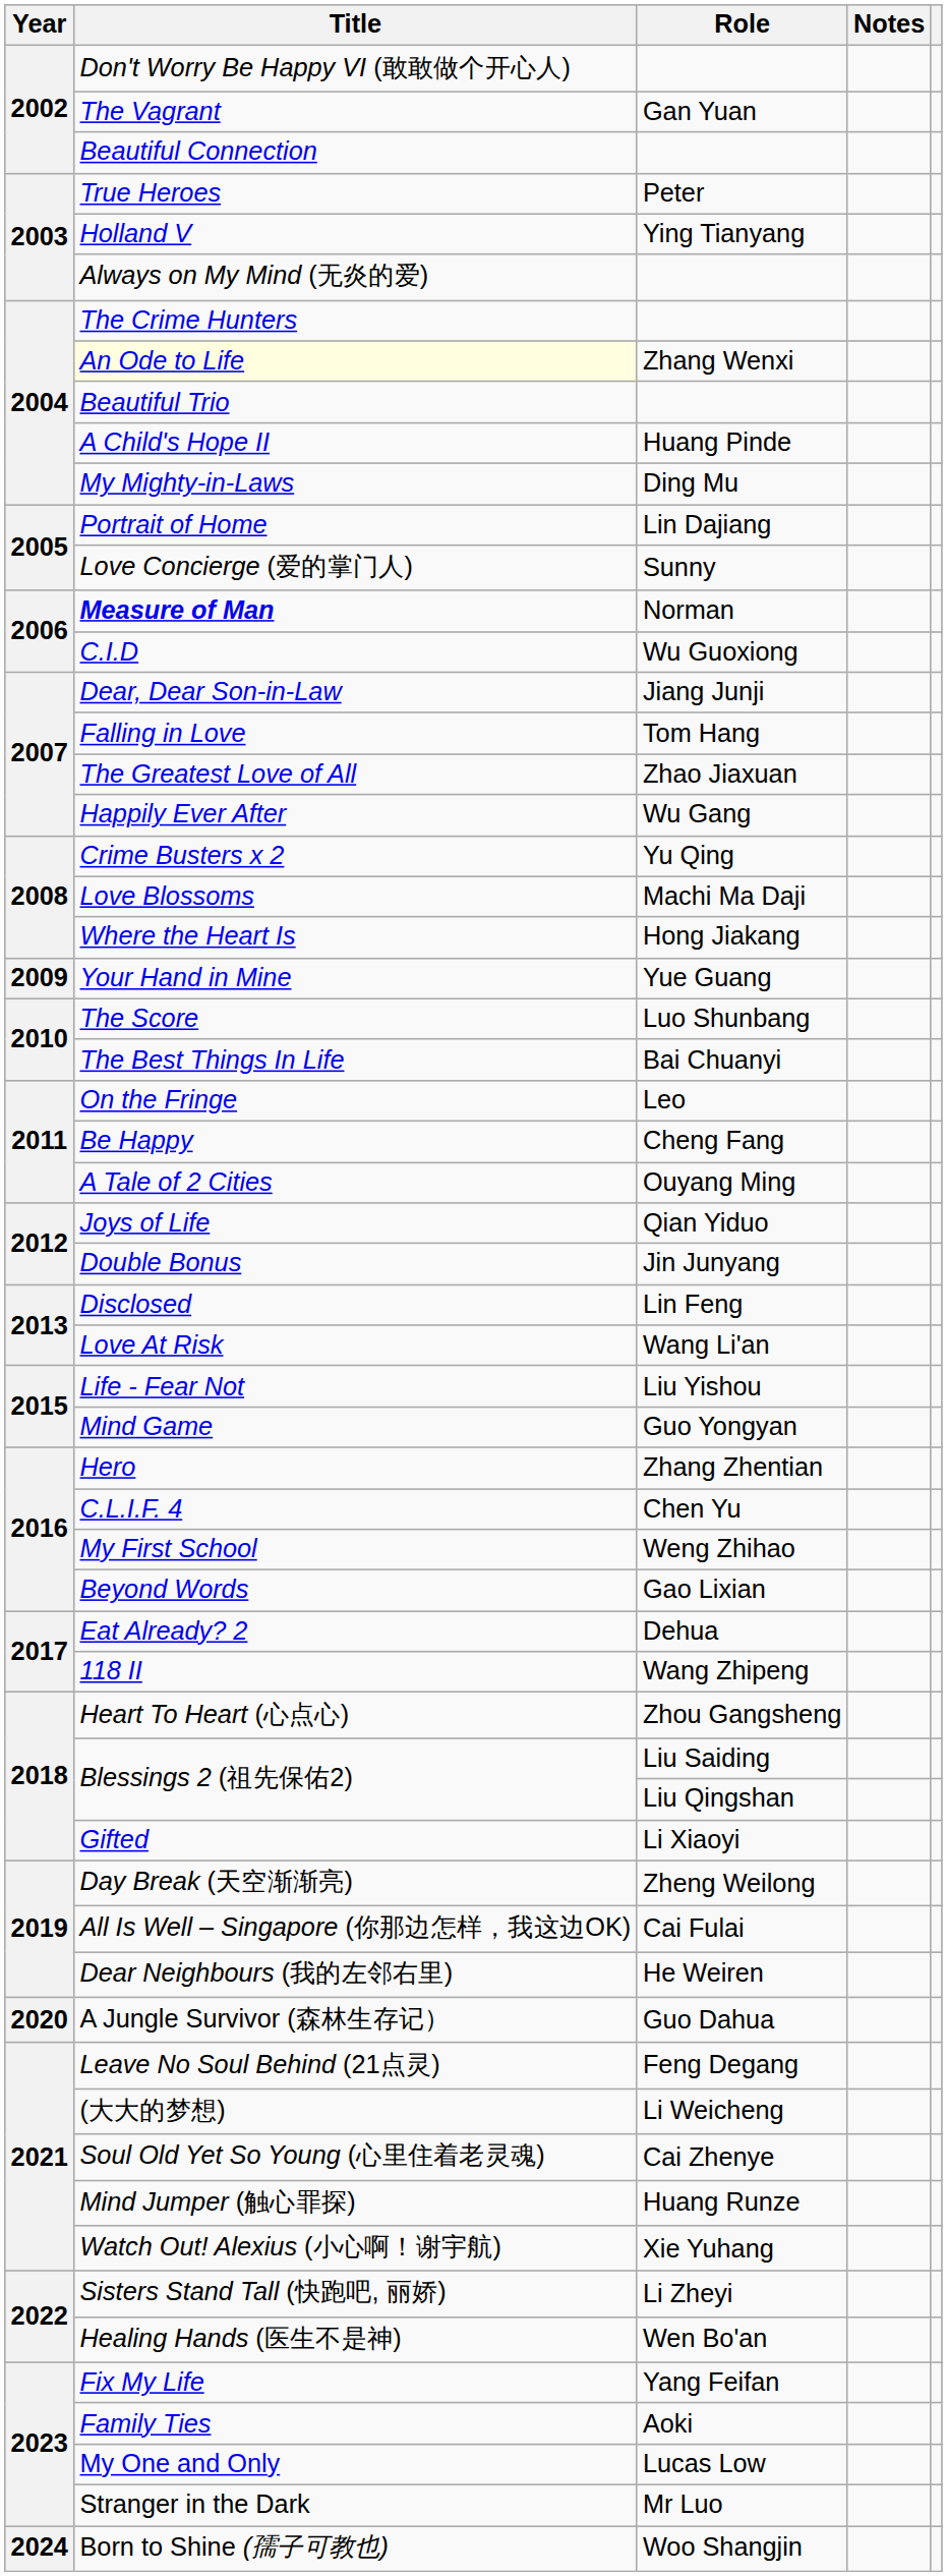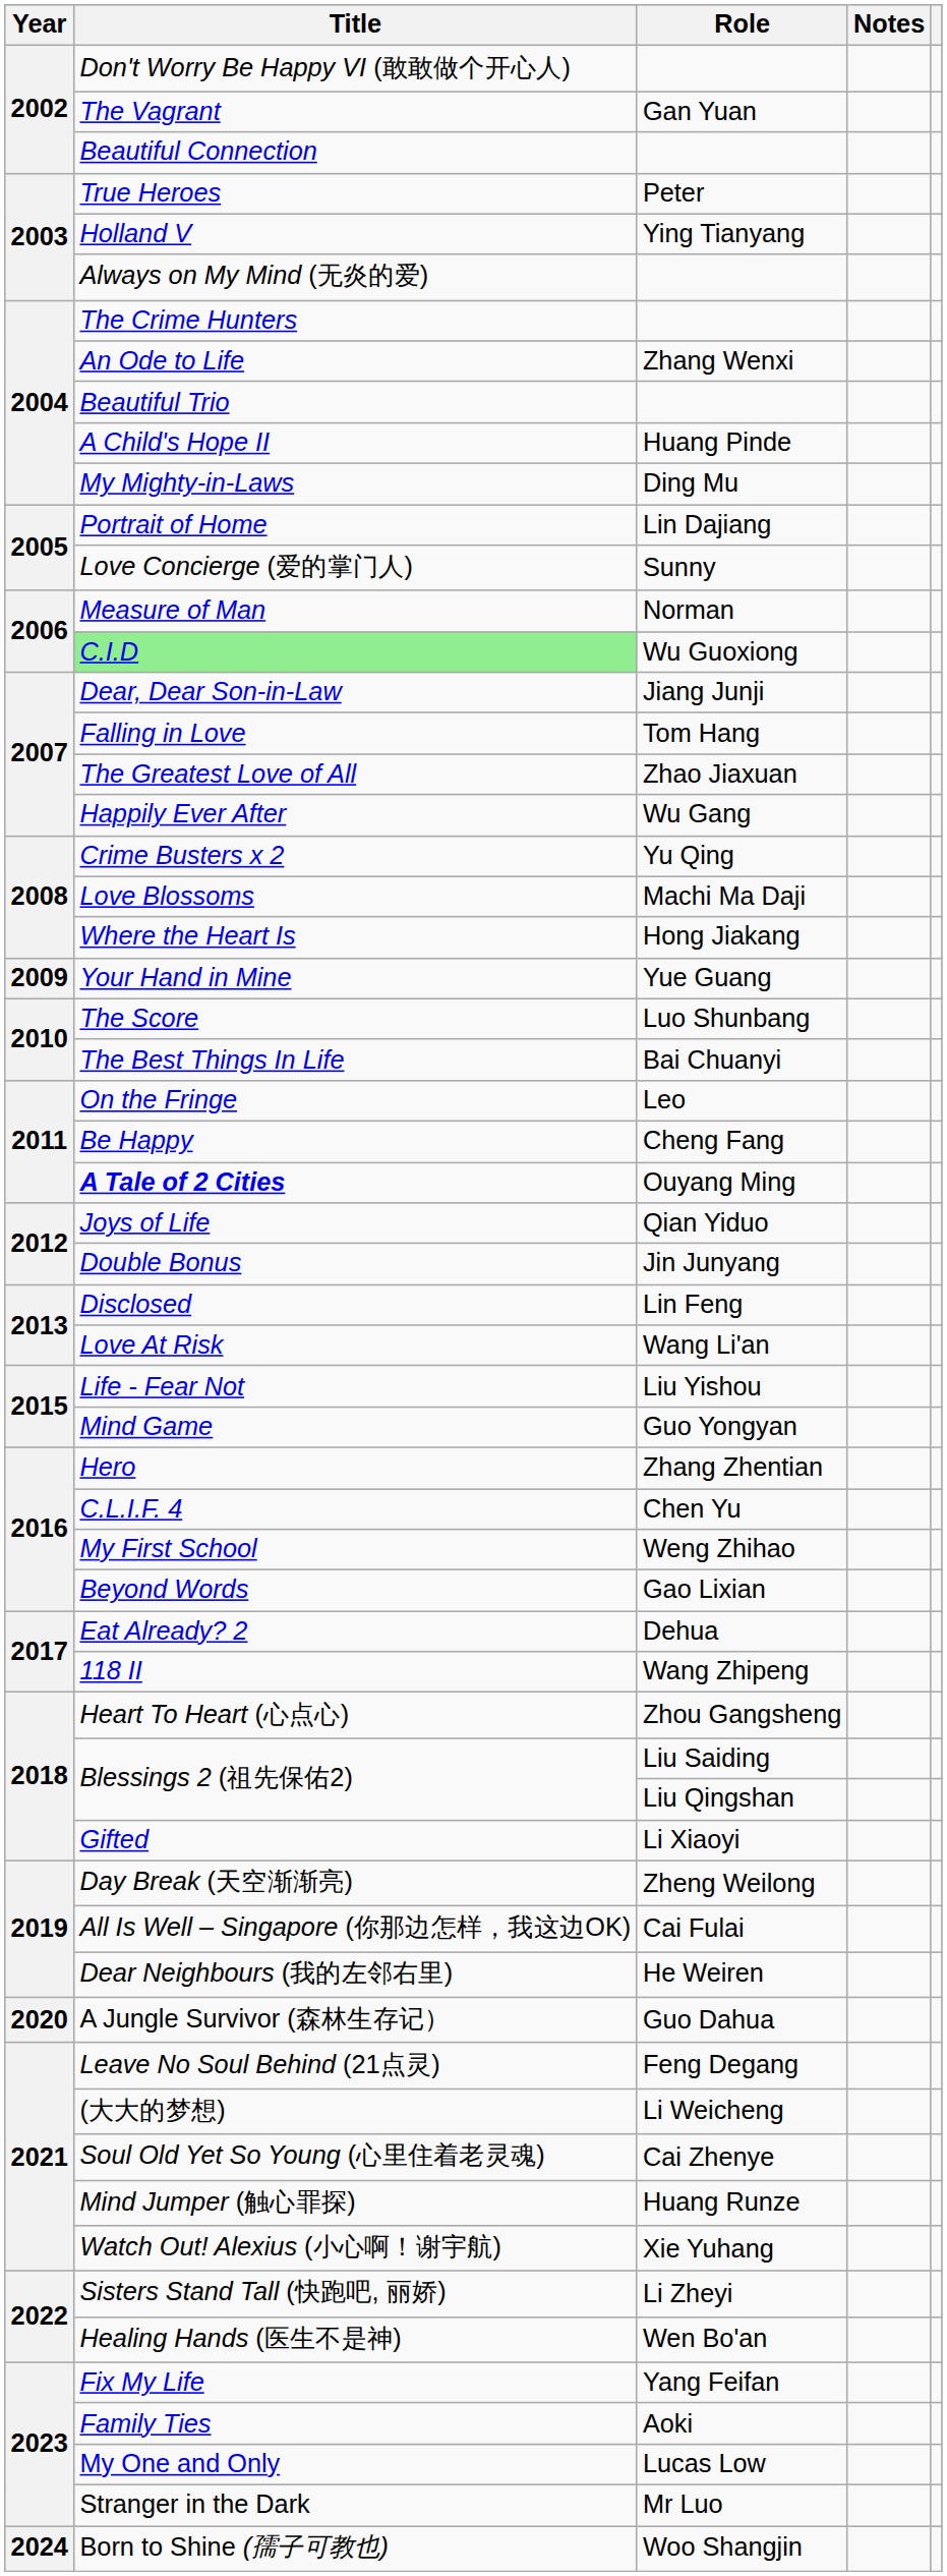 <table class="wikitable sortable plainrowheaders">
 <tr>
 <th scope="col">Year</th>
 <th scope="col">Title</th>
 <th scope="col">Role</th>
 <th scope="col" class="unsortable">Notes</th>
 <th scope="col" class="unsortable"></th>
 </tr>
 <tr>
 <th scope="row" rowspan="3">2002</th>
 <td><em>Don't Worry Be Happy VI</em> (敢敢做个开心人)</td>
 <td></td>
 <td></td>
 <td></td>
 </tr>
 <tr>
 <td><em><a href='#'>The Vagrant</a></em></td>
 <td>Gan Yuan</td>
 <td></td>
 <td></td>
 </tr>
 <tr>
 <td><em><a href='#'>Beautiful Connection</a></em></td>
 <td></td>
 <td></td>
 <td></td>
 </tr>
 <tr>
 <th scope="row" rowspan="3">2003</th>
 <td><em><a href='#'>True Heroes</a></em></td>
 <td>Peter</td>
 <td></td>
 <td></td>
 </tr>
 <tr>
 <td><em><a href='#'>Holland V</a></em></td>
 <td>Ying Tianyang</td>
 <td></td>
 <td></td>
 </tr>
 <tr>
 <td><em>Always on My Mind</em> (无炎的爱)</td>
 <td></td>
 <td></td>
 <td></td>
 </tr>
 <tr>
 <th scope="row" rowspan="5">2004</th>
 <td><em><a href='#'>The Crime Hunters</a></em></td>
 <td></td>
 <td></td>
 <td></td>
 </tr>
 <tr>
-<td style="background: lightyellow;"><em><a href='#'>An Ode to Life</a></em></td>
+<td><em><a href='#'>An Ode to Life</a></em></td>
 <td>Zhang Wenxi</td>
 <td></td>
 <td></td>
 </tr>
 <tr>
 <td><em><a href='#'>Beautiful Trio</a></em></td>
 <td></td>
 <td></td>
 <td></td>
 </tr>
 <tr>
 <td><em><a href='#'>A Child's Hope II</a></em></td>
 <td>Huang Pinde</td>
 <td></td>
 <td></td>
 </tr>
 <tr>
 <td><em><a href='#'>My Mighty-in-Laws</a></em></td>
 <td>Ding Mu</td>
 <td></td>
 <td></td>
 </tr>
 <tr>
 <th scope="row" rowspan="2">2005</th>
 <td><em><a href='#'>Portrait of Home</a></em></td>
 <td>Lin Dajiang</td>
 <td></td>
 <td></td>
 </tr>
 <tr>
 <td><em>Love Concierge</em> (爱的掌门人)</td>
 <td>Sunny</td>
 <td></td>
 <td></td>
 </tr>
 <tr>
 <th scope="row" rowspan="2">2006</th>
-<td><strong><em><a href='#'>Measure of Man</a></em></strong></td>
+<td><em><a href='#'>Measure of Man</a></em></td>
 <td>Norman</td>
 <td></td>
 <td></td>
 </tr>
 <tr>
-<td><em><a href='#'>C.I.D</a></em></td>
+<td style="background: lightgreen;"><em><a href='#'>C.I.D</a></em></td>
 <td>Wu Guoxiong</td>
 <td></td>
 <td></td>
 </tr>
 <tr>
 <th scope="row" rowspan="4">2007</th>
 <td><em><a href='#'>Dear, Dear Son-in-Law</a></em></td>
 <td>Jiang Junji</td>
 <td></td>
 <td></td>
 </tr>
 <tr>
 <td><em><a href='#'>Falling in Love</a></em></td>
 <td>Tom Hang</td>
 <td></td>
 <td></td>
 </tr>
 <tr>
 <td><em><a href='#'>The Greatest Love of All</a></em></td>
 <td>Zhao Jiaxuan</td>
 <td></td>
 <td></td>
 </tr>
 <tr>
 <td><em><a href='#'>Happily Ever After</a></em></td>
 <td>Wu Gang</td>
 <td></td>
 <td></td>
 </tr>
 <tr>
 <th scope="row" rowspan="3">2008</th>
 <td><em><a href='#'>Crime Busters x 2</a></em></td>
 <td>Yu Qing</td>
 <td></td>
 <td></td>
 </tr>
 <tr>
 <td><em><a href='#'>Love Blossoms</a></em></td>
 <td>Machi Ma Daji</td>
 <td></td>
 <td></td>
 </tr>
 <tr>
 <td><em><a href='#'>Where the Heart Is</a></em></td>
 <td>Hong Jiakang</td>
 <td></td>
 <td></td>
 </tr>
 <tr>
 <th scope="row" rowspan="1">2009</th>
 <td><em><a href='#'>Your Hand in Mine</a></em></td>
 <td>Yue Guang</td>
 <td></td>
 <td></td>
 </tr>
 <tr>
 <th scope="row" rowspan="2">2010</th>
 <td><em><a href='#'>The Score</a></em></td>
 <td>Luo Shunbang</td>
 <td></td>
 <td></td>
 </tr>
 <tr>
 <td><em><a href='#'>The Best Things In Life</a></em></td>
 <td>Bai Chuanyi</td>
 <td></td>
 <td></td>
 </tr>
 <tr>
 <th scope="row" rowspan="3">2011</th>
 <td><em><a href='#'>On the Fringe</a></em></td>
 <td>Leo</td>
 <td></td>
 <td></td>
 </tr>
 <tr>
 <td><em><a href='#'>Be Happy</a></em></td>
 <td>Cheng Fang</td>
 <td></td>
 <td></td>
 </tr>
 <tr>
-<td><em><a href='#'>A Tale of 2 Cities</a></em></td>
+<td><strong><em><a href='#'>A Tale of 2 Cities</a></em></strong></td>
 <td>Ouyang Ming</td>
 <td></td>
 <td></td>
 </tr>
 <tr>
 <th scope="row" rowspan="2">2012</th>
 <td><em><a href='#'>Joys of Life</a></em></td>
 <td>Qian Yiduo</td>
 <td></td>
 <td></td>
 </tr>
 <tr>
 <td><em><a href='#'>Double Bonus</a></em></td>
 <td>Jin Junyang</td>
 <td></td>
 <td></td>
 </tr>
 <tr>
 <th scope="row" rowspan="2">2013</th>
 <td><em><a href='#'>Disclosed</a></em></td>
 <td>Lin Feng</td>
 <td></td>
 <td></td>
 </tr>
 <tr>
 <td><em><a href='#'>Love At Risk</a></em></td>
 <td>Wang Li'an</td>
 <td></td>
 <td></td>
 </tr>
 <tr>
 <th scope="row" rowspan="2">2015</th>
 <td><em><a href='#'>Life - Fear Not</a></em></td>
 <td>Liu Yishou</td>
 <td></td>
 <td></td>
 </tr>
 <tr>
 <td><em><a href='#'>Mind Game</a></em></td>
 <td>Guo Yongyan</td>
 <td></td>
 <td></td>
 </tr>
 <tr>
 <th scope="row" rowspan="4">2016</th>
 <td><em><a href='#'>Hero</a></em></td>
 <td>Zhang Zhentian</td>
 <td></td>
 <td></td>
 </tr>
 <tr>
 <td><em><a href='#'>C.L.I.F. 4</a></em></td>
 <td>Chen Yu</td>
 <td></td>
 <td></td>
 </tr>
 <tr>
 <td><em><a href='#'>My First School</a></em></td>
 <td>Weng Zhihao</td>
 <td></td>
 <td></td>
 </tr>
 <tr>
 <td><em><a href='#'>Beyond Words</a></em></td>
 <td>Gao Lixian</td>
 <td></td>
 <td></td>
 </tr>
 <tr>
 <th scope="row" rowspan="2">2017</th>
 <td><em><a href='#'>Eat Already? 2</a></em></td>
 <td>Dehua</td>
 <td></td>
 <td></td>
 </tr>
 <tr>
 <td><em><a href='#'>118 II</a></em></td>
 <td>Wang Zhipeng</td>
 <td></td>
 <td></td>
 </tr>
 <tr>
 <th scope="row" rowspan="4">2018</th>
 <td><em>Heart To Heart</em> (心点心)</td>
 <td>Zhou Gangsheng</td>
 <td></td>
 <td></td>
 </tr>
 <tr>
 <td rowspan="2"><em>Blessings 2</em> (祖先保佑2)</td>
 <td>Liu Saiding</td>
 <td></td>
 <td></td>
 </tr>
 <tr>
 <td>Liu Qingshan</td>
 <td></td>
 <td></td>
 </tr>
 <tr>
 <td><em><a href='#'>Gifted</a></em></td>
 <td>Li Xiaoyi</td>
 <td></td>
 <td></td>
 </tr>
 <tr>
 <th scope="row" rowspan="3">2019</th>
 <td><em>Day Break</em> (天空渐渐亮)</td>
 <td>Zheng Weilong</td>
 <td></td>
 <td></td>
 </tr>
 <tr>
 <td><em>All Is Well – Singapore</em> (你那边怎样，我这边OK)</td>
 <td>Cai Fulai</td>
 <td></td>
 <td></td>
 </tr>
 <tr>
 <td><em>Dear Neighbours</em> (我的左邻右里)</td>
 <td>He Weiren</td>
 <td></td>
 <td></td>
 </tr>
 <tr>
 <th scope="row">2020</th>
 <td>A Jungle Survivor (森林生存记）</td>
 <td>Guo Dahua</td>
 <td></td>
 <td></td>
 </tr>
 <tr>
 <th scope="row" rowspan="5">2021</th>
 <td><em>Leave No Soul Behind</em> (21点灵)</td>
 <td>Feng Degang</td>
 <td></td>
 <td></td>
 </tr>
 <tr>
 <td><em></em> (大大的梦想)</td>
 <td>Li Weicheng</td>
 <td></td>
 <td></td>
 </tr>
 <tr>
 <td><em>Soul Old Yet So Young</em> (心里住着老灵魂)</td>
 <td>Cai Zhenye</td>
 <td></td>
 <td></td>
 </tr>
 <tr>
 <td><em>Mind Jumper</em> (触心罪探)</td>
 <td>Huang Runze</td>
 <td></td>
 <td></td>
 </tr>
 <tr>
 <td><em> Watch Out! Alexius</em> (小心啊！谢宇航)</td>
 <td>Xie Yuhang</td>
 <td></td>
 <td></td>
 </tr>
 <tr>
 <th scope="row" rowspan="2">2022</th>
 <td><em>Sisters Stand Tall</em> (快跑吧, 丽娇)</td>
 <td>Li Zheyi</td>
 <td></td>
 <td></td>
 </tr>
 <tr>
 <td><em>Healing Hands</em> (医生不是神)</td>
 <td>Wen Bo'an</td>
 <td></td>
 <td></td>
 </tr>
 <tr>
 <th scope="row" rowspan="4">2023</th>
 <td><em><a href='#'>Fix My Life</a></em></td>
 <td>Yang Feifan</td>
 <td></td>
 <td></td>
 </tr>
 <tr>
 <td><em><a href='#'>Family Ties</a></td>
 <td>Aoki</td>
 <td></td>
 <td></td>
 </tr>
 <tr>
 <td></em><a href='#'>My One and Only</a><em></td>
 <td>Lucas Low</td>
 <td></td>
 <td></td>
 </tr>
 <tr>
 <td></em>Stranger in the Dark<em></td>
 <td>Mr Luo</td>
 <td></td>
 <td></td>
 </tr>
 <tr>
 <th scope="row" rowspan="1">2024</th>
 <td></em>Born to Shine<em> (孺子可教也)</td>
 <td>Woo Shangjin</td>
 <td></td>
 <td></td>
 </tr>
 </table>
